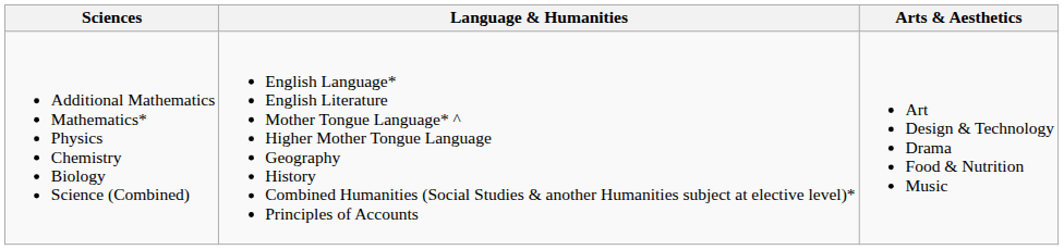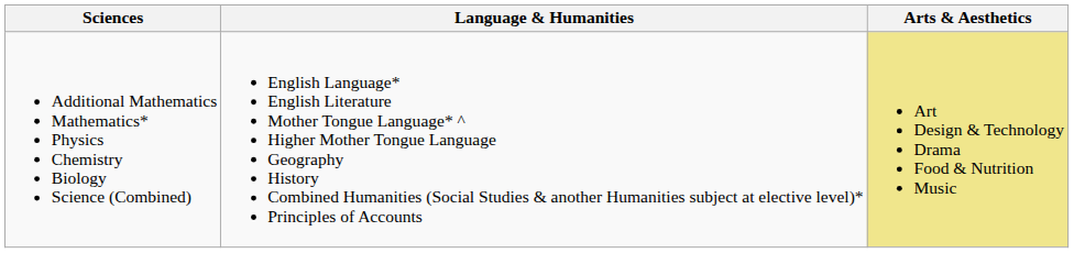 <table class="wikitable">
 <tr>
 <th>Sciences</th>
 <th><strong>Language & Humanities</strong></th>
 <th><strong>Arts & Aesthetics</strong></th>
 </tr>
 <tr>
 <td><br><ul><li>Additional Mathematics</li><li>Mathematics*</li><li>Physics</li><li>Chemistry</li><li>Biology</li><li>Science (Combined)</li></ul></td>
 <td><br><ul><li>English Language*</li><li>English Literature</li><li>Mother Tongue Language* ^</li><li>Higher Mother Tongue Language</li><li>Geography</li><li>History</li><li>Combined Humanities (Social Studies & another Humanities subject at elective level)*</li><li>Principles of Accounts</li></ul></td>
-<td><br><ul><li>Art</li><li>Design & Technology</li><li>Drama</li><li>Food & Nutrition</li><li>Music</li></ul></td>
+<td style="background: khaki;"><br><ul><li>Art</li><li>Design & Technology</li><li>Drama</li><li>Food & Nutrition</li><li>Music</li></ul></td>
 </tr>
 </table>
